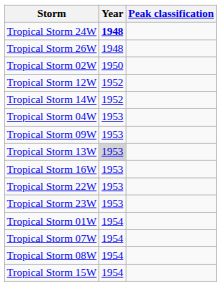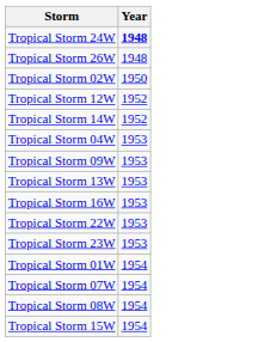 <table class="wikitable" style="display: inline-table; margin-right: 50px;">
 <tr>
 <th>Storm</th>
 <th>Year</th>
-<th><a href='#'>Peak classification</a></th>
 </tr>
 <tr>
 <td><a href='#'>Tropical Storm 24W</a></td>
 <td><strong><a href='#'>1948</a></strong></td>
-<td></td>
 </tr>
 <tr>
 <td><a href='#'>Tropical Storm 26W</a></td>
 <td><a href='#'>1948</a></td>
-<td></td>
 </tr>
 <tr>
 <td><a href='#'>Tropical Storm 02W</a></td>
 <td><a href='#'>1950</a></td>
-<td></td>
 </tr>
 <tr>
 <td><a href='#'>Tropical Storm 12W</a></td>
 <td><a href='#'>1952</a></td>
-<td></td>
 </tr>
 <tr>
 <td><a href='#'>Tropical Storm 14W</a></td>
 <td><a href='#'>1952</a></td>
-<td></td>
 </tr>
 <tr>
 <td><a href='#'>Tropical Storm 04W</a></td>
 <td><a href='#'>1953</a></td>
-<td></td>
 </tr>
 <tr>
 <td><a href='#'>Tropical Storm 09W</a></td>
 <td><a href='#'>1953</a></td>
-<td></td>
 </tr>
 <tr>
 <td><a href='#'>Tropical Storm 13W</a></td>
-<td style="background: lightgrey;"><a href='#'>1953</a></td>
-<td></td>
+<td><a href='#'>1953</a></td>
 </tr>
 <tr>
 <td><a href='#'>Tropical Storm 16W</a></td>
 <td><a href='#'>1953</a></td>
-<td></td>
 </tr>
 <tr>
 <td><a href='#'>Tropical Storm 22W</a></td>
 <td><a href='#'>1953</a></td>
-<td></td>
 </tr>
 <tr>
 <td><a href='#'>Tropical Storm 23W</a></td>
 <td><a href='#'>1953</a></td>
-<td></td>
 </tr>
 <tr>
 <td><a href='#'>Tropical Storm 01W</a></td>
 <td><a href='#'>1954</a></td>
-<td></td>
 </tr>
 <tr>
 <td><a href='#'>Tropical Storm 07W</a></td>
 <td><a href='#'>1954</a></td>
-<td></td>
 </tr>
 <tr>
 <td><a href='#'>Tropical Storm 08W</a></td>
 <td><a href='#'>1954</a></td>
-<td></td>
 </tr>
 <tr>
 <td><a href='#'>Tropical Storm 15W</a></td>
 <td><a href='#'>1954</a></td>
-<td></td>
 </tr>
 </table>
